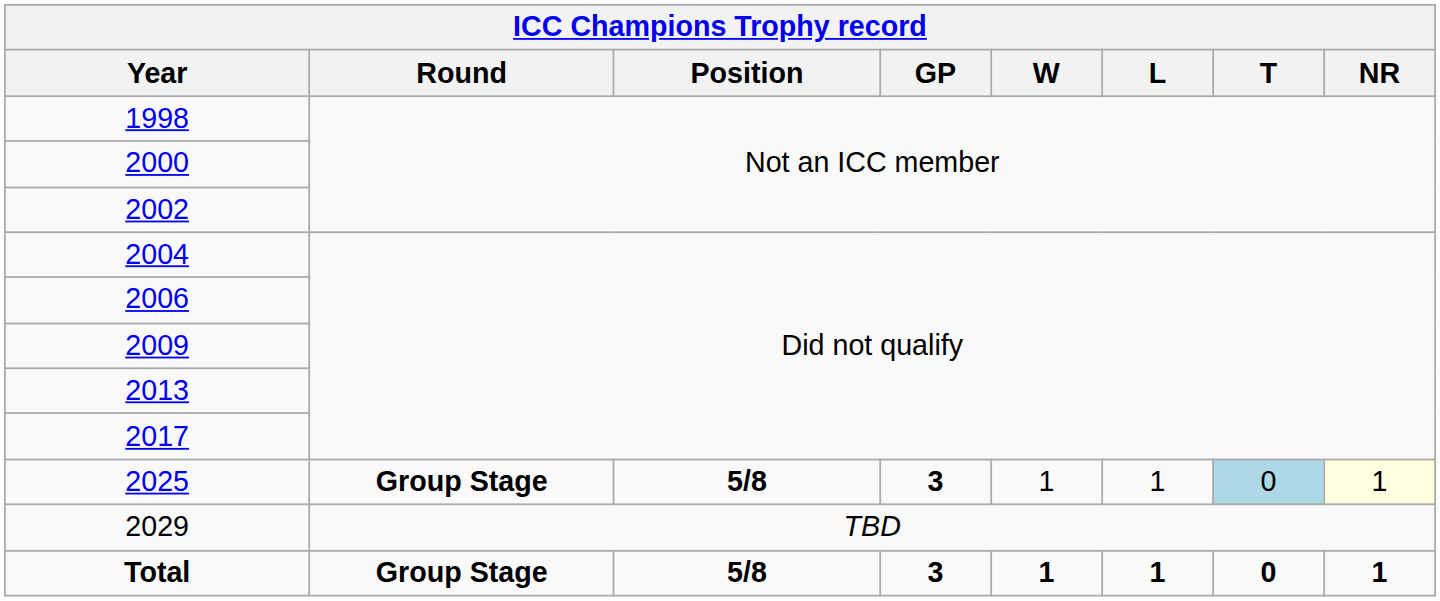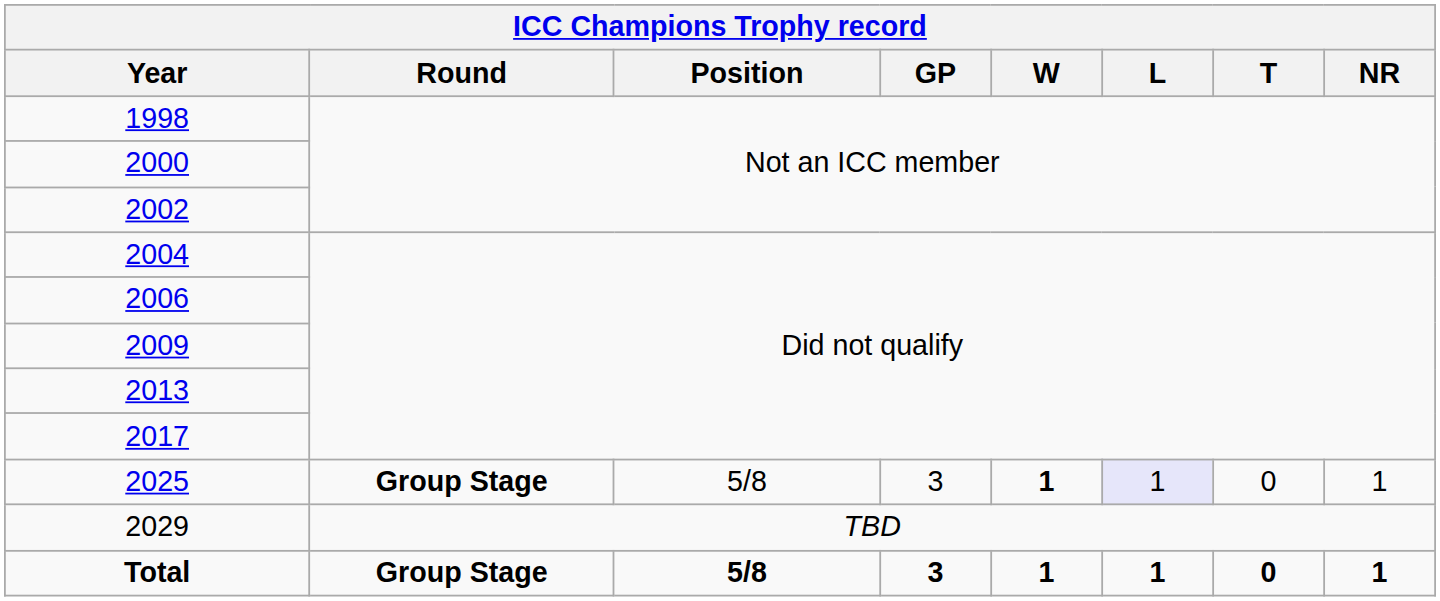 <table class="wikitable" style="text-align: center; width:800px">
 <tr>
 <th colspan=9><a href='#'> ICC Champions Trophy record</a></th>
 </tr>
 <tr>
 <th width=150>Year</th>
 <th width=150>Round</th>
 <th width=130>Position</th>
 <th width=50>GP</th>
 <th width=50>W</th>
 <th width=50>L</th>
 <th width=50>T</th>
 <th width=50>NR</th>
 </tr>
 <tr>
 <td> <a href='#'>1998</a></td>
 <td colspan="7" rowspan="3">Not an ICC member</td>
 </tr>
 <tr>
 <td> <a href='#'>2000</a></td>
 </tr>
 <tr>
 <td> <a href='#'>2002</a></td>
 </tr>
 <tr>
 <td> <a href='#'>2004</a></td>
 <td colspan="7" rowspan="5">Did not qualify</td>
 </tr>
 <tr>
 <td> <a href='#'>2006</a></td>
 </tr>
 <tr>
 <td> <a href='#'>2009</a></td>
 </tr>
 <tr>
 <td>  <a href='#'>2013</a></td>
 </tr>
 <tr>
 <td>  <a href='#'>2017</a></td>
 </tr>
 <tr>
 <td>  <a href='#'>2025</a></td>
 <td><strong>Group Stage</strong></td>
-<td><strong>5/8</strong></td>
-<td><strong>3</strong></td>
+<td>5/8</td>
+<td>3</td>
+<td><strong>1</strong></td>
+<td style="background: lavender;">1</td>
+<td>0</td>
 <td>1</td>
-<td>1</td>
-<td style="background: lightblue;">0</td>
-<td style="background: lightyellow;">1</td>
 </tr>
 <tr>
 <td> 2029</td>
 <td colspan="7"><em>TBD</em></td>
 </tr>
 <tr>
 <td><strong>Total</strong></td>
 <td><strong>Group Stage</strong></td>
 <td><strong>5/8</strong></td>
 <td><strong>3</strong></td>
 <td><strong>1</strong></td>
 <td><strong>1</strong></td>
 <td><strong>0</strong></td>
 <td><strong>1</strong></td>
 </tr>
 </table>
